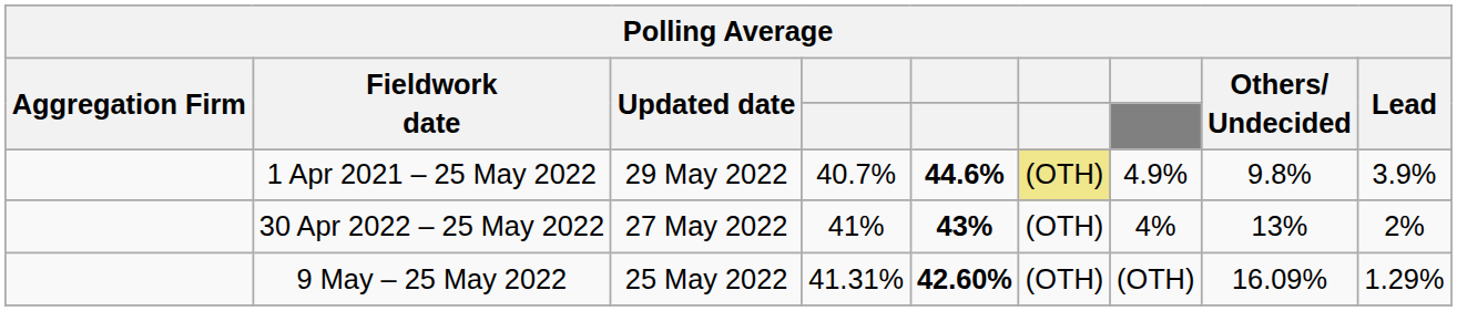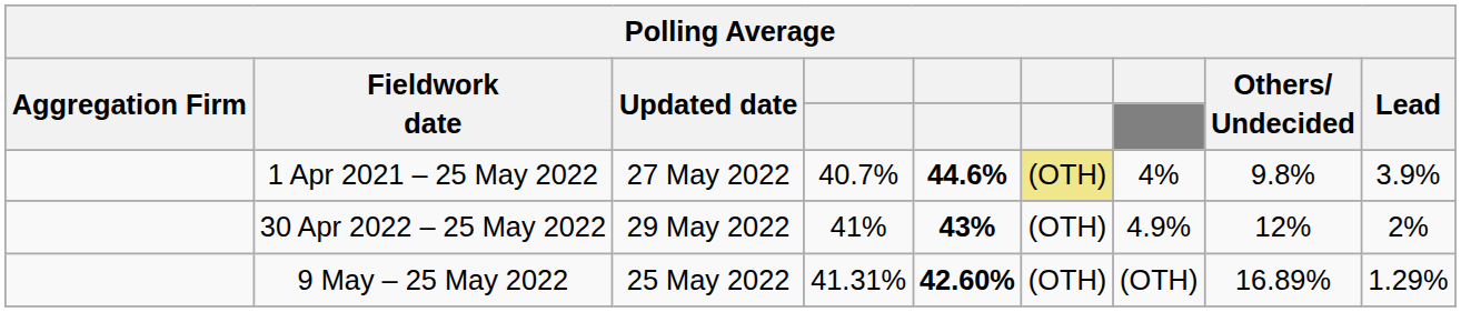 <table class="wikitable sortable" style="text-align:center;font-size:90%;line-height:20px">
 <tr>
 <th colspan="13">Polling Average</th>
 </tr>
 <tr>
 <th rowspan="2">Aggregation Firm</th>
 <th rowspan="2" class="unsortable">Fieldwork <br> date</th>
 <th rowspan="2">Updated date</th>
 <th></th>
 <th></th>
 <th></th>
 <th></th>
 <th rowspan="2">Others/<br>Undecided</th>
 <th rowspan="2">Lead</th>
 </tr>
 <tr>
 <th class="unsortable" style="background-color: "></th>
 <th class="unsortable" style="background-color: "></th>
 <th class="unsortable" style="background-color: "></th>
 <th class="unsortable" style="background-color:gray"></th>
 </tr>
 <tr>
 <td></td>
 <td>1 Apr 2021 – 25 May 2022</td>
-<td>29 May 2022</td>
+<td>27 May 2022</td>
 <td>40.7%</td>
 <td><strong>44.6%</strong></td>
 <td style="background: khaki;">(OTH)</td>
-<td>4.9%</td>
+<td>4%</td>
 <td>9.8%</td>
 <td style="background:">3.9%</td>
 </tr>
 <tr>
 <td></td>
 <td>30 Apr 2022 – 25 May 2022</td>
-<td>27 May 2022</td>
+<td>29 May 2022</td>
 <td>41%</td>
 <td><strong>43%</strong></td>
 <td>(OTH)</td>
-<td>4%</td>
-<td>13%</td>
+<td>4.9%</td>
+<td>12%</td>
 <td style="background:">2%</td>
 </tr>
 <tr>
 <td></td>
 <td>9 May – 25 May 2022</td>
 <td>25 May 2022</td>
 <td>41.31%</td>
 <td><strong>42.60%</strong></td>
 <td>(OTH)</td>
 <td>(OTH)</td>
-<td>16.09%</td>
+<td>16.89%</td>
 <td style="background:">1.29%</td>
 </tr>
 </table>
